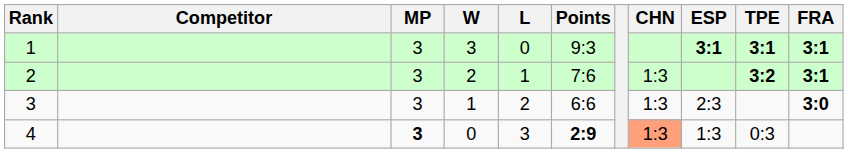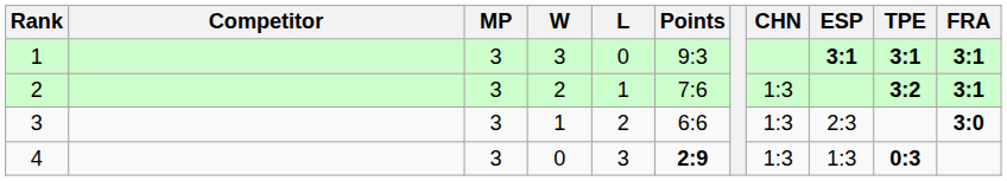 <table class="wikitable" style="text-align:center">
 <tr>
 <th>Rank</th>
 <th style="width:18em">Competitor</th>
 <th style="width:2.5em">MP</th>
 <th style="width:2.5em">W</th>
 <th style="width:2.5em">L</th>
 <th>Points</th>
 <th rowspan="5"> </th>
 <th style="width:2.5em">CHN</th>
 <th style="width:2.5em">ESP</th>
 <th style="width:2.5em">TPE</th>
 <th style="width:2.5em">FRA</th>
 </tr>
 <tr style="background:#cfc;">
 <td>1</td>
 <td style="text-align:left"></td>
 <td>3</td>
 <td>3</td>
 <td>0</td>
 <td>9:3</td>
 <td></td>
 <td><strong>3:1</strong></td>
 <td><strong>3:1</strong></td>
 <td><strong>3:1</strong></td>
 </tr>
 <tr style="background:#cfc;">
 <td>2</td>
 <td style="text-align:left"></td>
 <td>3</td>
 <td>2</td>
 <td>1</td>
 <td>7:6</td>
 <td>1:3</td>
 <td></td>
 <td><strong>3:2</strong></td>
 <td><strong>3:1</strong></td>
 </tr>
 <tr>
 <td>3</td>
 <td style="text-align:left"></td>
 <td>3</td>
 <td>1</td>
 <td>2</td>
 <td>6:6</td>
 <td>1:3</td>
 <td>2:3</td>
 <td></td>
 <td><strong>3:0</strong></td>
 </tr>
 <tr>
 <td>4</td>
 <td style="text-align:left"></td>
-<td><strong>3</strong></td>
+<td>3</td>
 <td>0</td>
 <td>3</td>
 <td><strong>2:9</strong></td>
-<td style="background: lightsalmon;">1:3</td>
 <td>1:3</td>
-<td>0:3</td>
+<td>1:3</td>
+<td><strong>0:3</strong></td>
 <td></td>
 </tr>
 </table>
